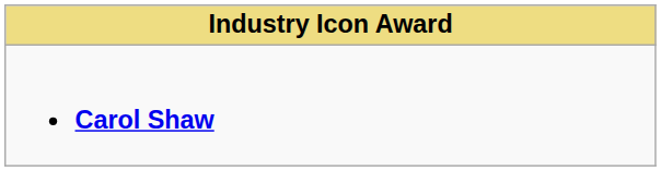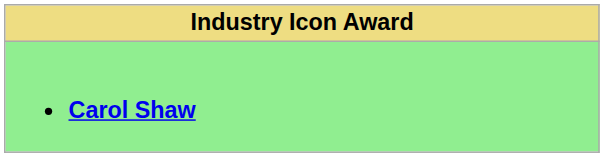 <table class=wikitable>
 <tr>
 <th style="background:#EEDD82; width:25em;">Industry Icon Award</th>
 </tr>
 <tr>
-<td valign="top"><br><ul><li><strong><a href='#'>Carol Shaw</a></strong></li></ul></td>
+<td valign="top" style="background: lightgreen;"><br><ul><li><strong><a href='#'>Carol Shaw</a></strong></li></ul></td>
 </tr>
 </table>
